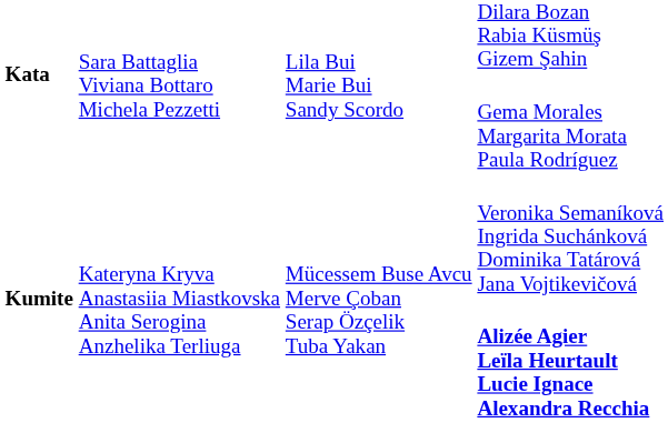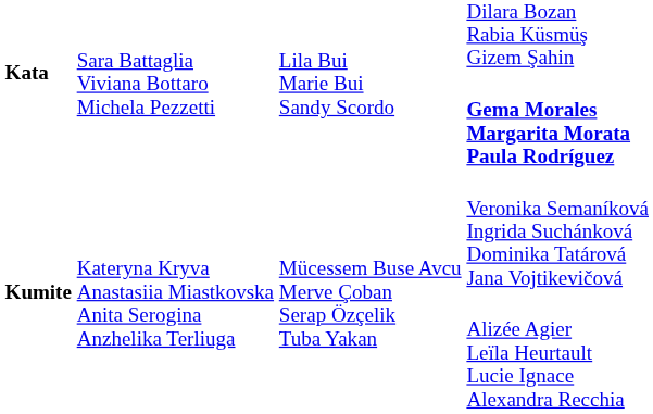 <table>
 <tr>
 <td rowspan=2><strong>Kata</strong></td>
 <td rowspan=2><br><a href='#'>Sara Battaglia</a><br><a href='#'>Viviana Bottaro</a><br><a href='#'>Michela Pezzetti</a></td>
 <td rowspan=2><br><a href='#'>Lila Bui</a><br><a href='#'>Marie Bui</a><br><a href='#'>Sandy Scordo</a></td>
 <td><br><a href='#'>Dilara Bozan</a><br><a href='#'>Rabia Küsmüş</a><br><a href='#'>Gizem Şahin</a></td>
 </tr>
 <tr>
-<td><br><a href='#'>Gema Morales</a><br><a href='#'>Margarita Morata</a><br><a href='#'>Paula Rodríguez</a></td>
+<td><strong><br><a href='#'>Gema Morales</a><br><a href='#'>Margarita Morata</a><br><a href='#'>Paula Rodríguez</a></strong></td>
 </tr>
 <tr>
 <td rowspan=2><strong>Kumite</strong></td>
 <td rowspan=2><br><a href='#'>Kateryna Kryva</a><br><a href='#'>Anastasiia Miastkovska</a><br><a href='#'>Anita Serogina</a><br><a href='#'>Anzhelika Terliuga</a></td>
 <td rowspan=2><br><a href='#'>Mücessem Buse Avcu</a><br><a href='#'>Merve Çoban</a><br><a href='#'>Serap Özçelik</a><br><a href='#'>Tuba Yakan</a></td>
 <td><br><a href='#'>Veronika Semaníková</a><br><a href='#'>Ingrida Suchánková</a><br><a href='#'>Dominika Tatárová</a><br><a href='#'>Jana Vojtikevičová</a></td>
 </tr>
 <tr>
-<td><strong><br><a href='#'>Alizée Agier</a><br><a href='#'>Leïla Heurtault</a><br><a href='#'>Lucie Ignace</a><br><a href='#'>Alexandra Recchia</a></strong></td>
+<td><br><a href='#'>Alizée Agier</a><br><a href='#'>Leïla Heurtault</a><br><a href='#'>Lucie Ignace</a><br><a href='#'>Alexandra Recchia</a></td>
 </tr>
 </table>
